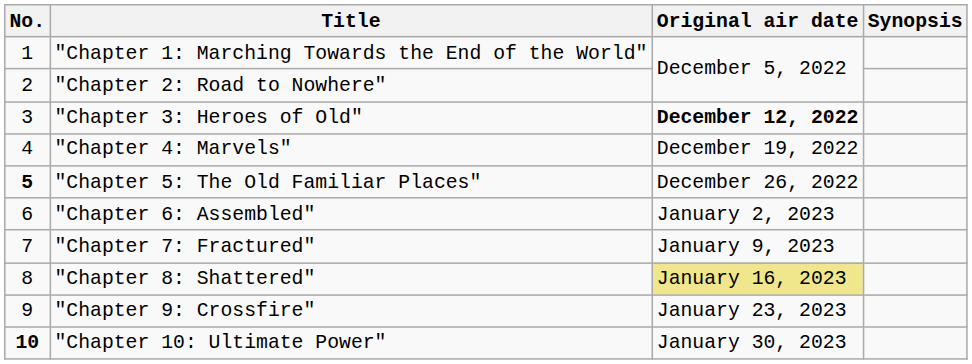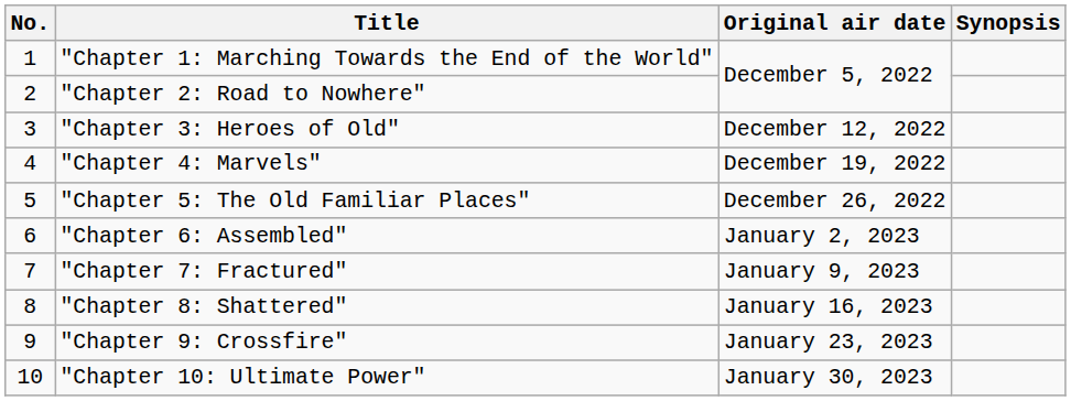 <table class="wikitable">
 <tr>
 <th>No.</th>
 <th>Title</th>
 <th>Original air date</th>
 <th>Synopsis</th>
 </tr>
 <tr>
 <td align=center>1</td>
 <td>"Chapter 1: Marching Towards the End of the World"</td>
 <td rowspan="2">December 5, 2022</td>
 <td></td>
 </tr>
 <tr>
 <td align=center>2</td>
 <td>"Chapter 2: Road to Nowhere"</td>
 <td></td>
 </tr>
 <tr>
 <td align=center>3</td>
 <td>"Chapter 3: Heroes of Old"</td>
-<td><strong>December 12, 2022</strong></td>
+<td>December 12, 2022</td>
 <td></td>
 </tr>
 <tr>
 <td align=center>4</td>
 <td>"Chapter 4: Marvels"</td>
 <td>December 19, 2022</td>
 <td></td>
 </tr>
 <tr>
-<td align=center><strong>5</strong></td>
+<td align=center>5</td>
 <td>"Chapter 5: The Old Familiar Places"</td>
 <td>December 26, 2022</td>
 <td></td>
 </tr>
 <tr>
 <td align=center>6</td>
 <td>"Chapter 6: Assembled"</td>
 <td>January 2, 2023</td>
 <td></td>
 </tr>
 <tr>
 <td align=center>7</td>
 <td>"Chapter 7: Fractured"</td>
 <td>January 9, 2023</td>
 <td></td>
 </tr>
 <tr>
 <td align=center>8</td>
 <td>"Chapter 8: Shattered"</td>
-<td style="background: khaki;">January 16, 2023</td>
+<td>January 16, 2023</td>
 <td></td>
 </tr>
 <tr>
 <td align=center>9</td>
 <td>"Chapter 9: Crossfire"</td>
 <td>January 23, 2023</td>
 <td></td>
 </tr>
 <tr>
-<td align=center><strong>10</strong></td>
+<td align=center>10</td>
 <td>"Chapter 10: Ultimate Power"</td>
 <td>January 30, 2023</td>
 <td></td>
 </tr>
 </table>
